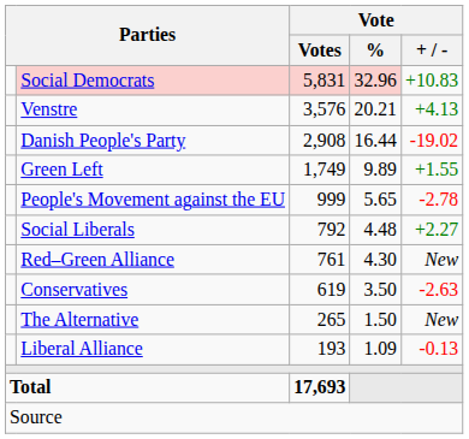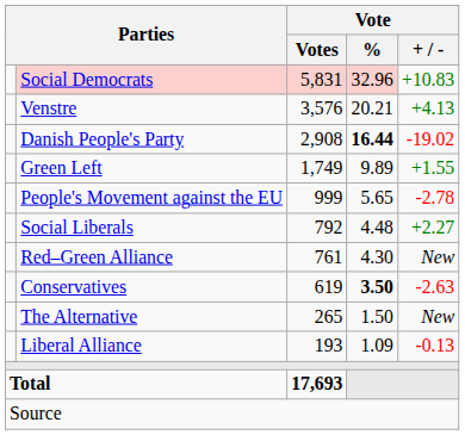 <table class="wikitable" style="text-align:right;">
 <tr>
 <th style="text-align:centre;" rowspan="2" colspan="2" width="225">Parties</th>
 <th colspan="3">Vote</th>
 </tr>
 <tr>
 <th width="15">Votes</th>
 <th width="15">%</th>
 <th width="15">+ / -</th>
 </tr>
 <tr>
 <td width="2" style="color:inherit;background:"></td>
 <td bgcolor=#fbd0ce   align="left"><a href='#'>Social Democrats</a></td>
 <td bgcolor=#fbd0ce>5,831</td>
 <td bgcolor=#fbd0ce>32.96</td>
 <td style=color:green;>+10.83</td>
 </tr>
 <tr>
 <td width="2" style="color:inherit;background:"></td>
 <td align="left"><a href='#'>Venstre</a></td>
 <td>3,576</td>
 <td>20.21</td>
 <td style=color:green;>+4.13</td>
 </tr>
 <tr>
 <td width="2" style="color:inherit;background:"></td>
 <td align="left"><a href='#'>Danish People's Party</a></td>
 <td>2,908</td>
-<td>16.44</td>
+<td><strong>16.44</strong></td>
 <td style=color:red;>-19.02</td>
 </tr>
 <tr>
 <td width="2" style="color:inherit;background:"></td>
 <td align="left"><a href='#'>Green Left</a></td>
 <td>1,749</td>
 <td>9.89</td>
 <td style=color:green;>+1.55</td>
 </tr>
 <tr>
 <td width="2" style="color:inherit;background:"></td>
 <td align="left"><a href='#'>People's Movement against the EU</a></td>
 <td>999</td>
 <td>5.65</td>
 <td style=color:red;>-2.78</td>
 </tr>
 <tr>
 <td width="2" style="color:inherit;background:"></td>
 <td align="left"><a href='#'>Social Liberals</a></td>
 <td>792</td>
 <td>4.48</td>
 <td style=color:green;>+2.27</td>
 </tr>
 <tr>
 <td width="2" style="color:inherit;background:"></td>
 <td align="left"><a href='#'>Red–Green Alliance</a></td>
 <td>761</td>
 <td>4.30</td>
 <td><em>New</em></td>
 </tr>
 <tr>
 <td width="2" style="color:inherit;background:"></td>
 <td align="left"><a href='#'>Conservatives</a></td>
 <td>619</td>
-<td>3.50</td>
+<td><strong>3.50</strong></td>
 <td style=color:red;>-2.63</td>
 </tr>
 <tr>
 <td width="2" style="color:inherit;background:"></td>
 <td align="left"><a href='#'>The Alternative</a></td>
 <td>265</td>
 <td>1.50</td>
 <td><em>New</em></td>
 </tr>
 <tr>
 <td width="2" style="color:inherit;background:"></td>
 <td align="left"><a href='#'>Liberal Alliance</a></td>
 <td>193</td>
 <td>1.09</td>
 <td style=color:red;>-0.13</td>
 </tr>
 <tr>
 <td colspan="7" bgcolor="#E9E9E9"></td>
 </tr>
 <tr>
 <td align="left" colspan="2"><strong>Total</strong></td>
 <td><strong>17,693</strong></td>
 <td bgcolor="#E9E9E9" colspan="2"></td>
 </tr>
 <tr>
 <td align="left" colspan="6">Source</td>
 </tr>
 </table>
